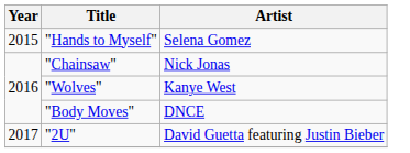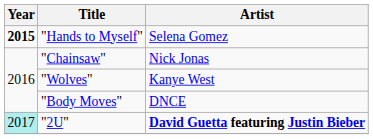 <table class="wikitable sortable">
 <tr>
 <th>Year</th>
 <th>Title</th>
 <th>Artist</th>
 </tr>
 <tr>
-<td>2015</td>
+<td><strong>2015</strong></td>
 <td>"<a href='#'>Hands to Myself</a>" </td>
 <td><a href='#'>Selena Gomez</a></td>
 </tr>
 <tr>
 <td rowspan="3">2016</td>
 <td>"<a href='#'>Chainsaw</a>"</td>
 <td><a href='#'>Nick Jonas</a></td>
 </tr>
 <tr>
 <td>"<a href='#'>Wolves</a>" </td>
 <td><a href='#'>Kanye West</a></td>
 </tr>
 <tr>
 <td>"<a href='#'>Body Moves</a>" </td>
 <td><a href='#'>DNCE</a></td>
 </tr>
 <tr>
-<td>2017</td>
+<td style="background: paleturquoise;">2017</td>
 <td>"<a href='#'>2U</a>"</td>
-<td><a href='#'>David Guetta</a> featuring <a href='#'>Justin Bieber</a></td>
+<td><strong><a href='#'>David Guetta</a> featuring <a href='#'>Justin Bieber</a></strong></td>
 </tr>
 <tr>
 </tr>
 </table>
